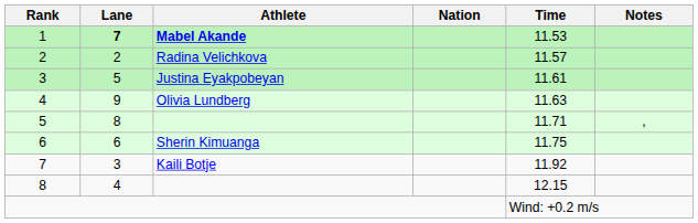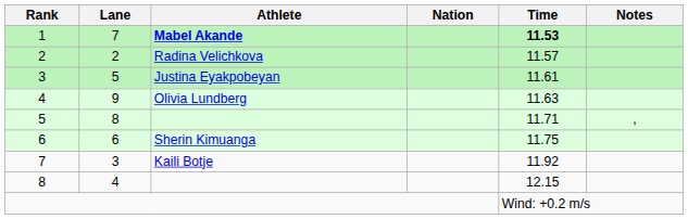 <table class="wikitable sortable" style="text-align:center;width: 65%;">
 <tr>
 <th scope="col">Rank</th>
 <th scope="col">Lane</th>
 <th scope="col">Athlete</th>
 <th scope="col">Nation</th>
 <th scope="col">Time</th>
 <th scope="col">Notes</th>
 </tr>
 <tr bgcolor=bbf3bb>
 <td>1</td>
-<td><strong>7</strong></td>
+<td>7</td>
 <td align=left><strong><a href='#'>Mabel Akande</a></strong></td>
 <td align=left></td>
-<td>11.53</td>
+<td><strong>11.53</strong></td>
 <td></td>
 </tr>
 <tr bgcolor=bbf3bb>
 <td>2</td>
 <td>2</td>
 <td align=left><a href='#'>Radina Velichkova</a></td>
 <td align=left></td>
 <td>11.57</td>
 <td></td>
 </tr>
 <tr bgcolor=bbf3bb>
 <td>3</td>
 <td>5</td>
 <td align=left><a href='#'>Justina Eyakpobeyan</a></td>
 <td align=left></td>
 <td>11.61</td>
 <td></td>
 </tr>
 <tr bgcolor=ddffdd>
 <td>4</td>
 <td>9</td>
 <td align=left><a href='#'>Olivia Lundberg</a></td>
 <td align=left></td>
 <td>11.63</td>
 <td></td>
 </tr>
 <tr bgcolor=ddffdd>
 <td>5</td>
 <td>8</td>
 <td align=left></td>
 <td align=left></td>
 <td>11.71</td>
 <td>, </td>
 </tr>
 <tr bgcolor=ddffdd>
 <td>6</td>
 <td>6</td>
 <td align=left><a href='#'>Sherin Kimuanga</a></td>
 <td align=left></td>
 <td>11.75</td>
 <td></td>
 </tr>
 <tr>
 <td>7</td>
 <td>3</td>
 <td align=left><a href='#'>Kaili Botje</a></td>
 <td align=left></td>
 <td>11.92</td>
 <td></td>
 </tr>
 <tr>
 <td>8</td>
 <td>4</td>
 <td align=left></td>
 <td align=left></td>
 <td>12.15</td>
 <td></td>
 </tr>
 <tr class="sortbottom">
 <td colspan="4"></td>
 <td colspan="2" style="text-align:left;">Wind: +0.2 m/s</td>
 </tr>
 </table>
